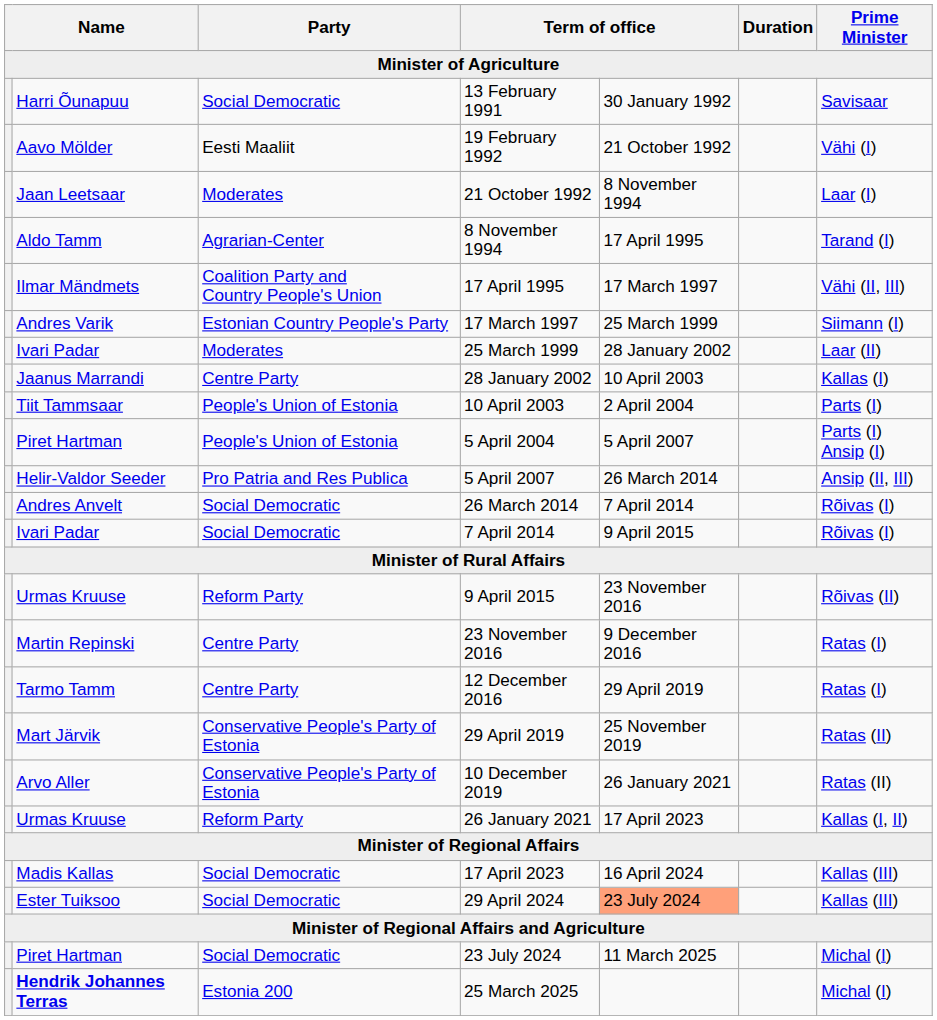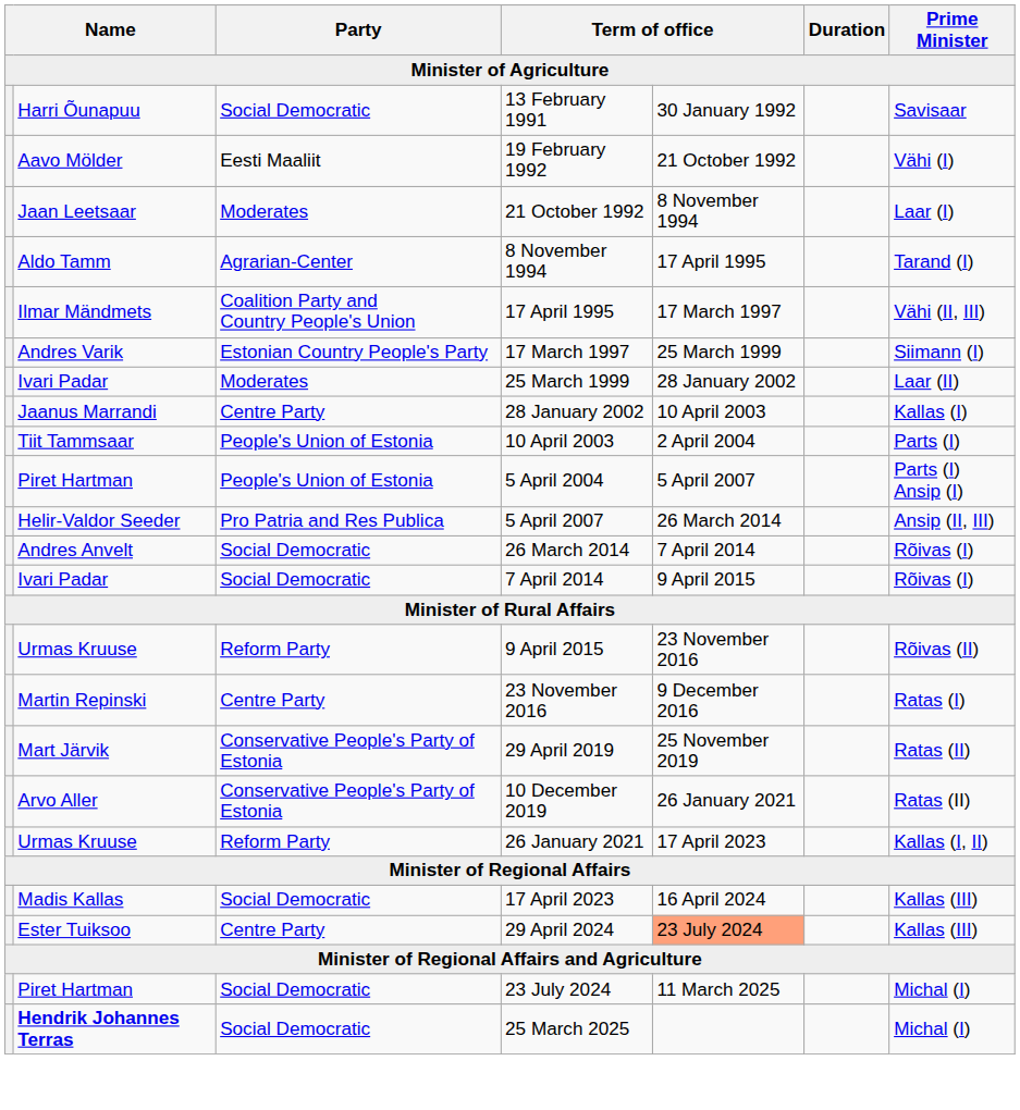 <table class="wikitable">
 <tr>
 <th colspan=2>Name</th>
 <th>Party</th>
 <th colspan=2>Term of office</th>
 <th>Duration</th>
 <th><a href='#'>Prime Minister</a></th>
 </tr>
 <tr>
 <th colspan="7" style="background:#EEEEEE">Minister of Agriculture</th>
 </tr>
 <tr>
 <th></th>
 <td><a href='#'>Harri Õunapuu</a></td>
 <td><a href='#'>Social Democratic</a></td>
 <td>13 February 1991</td>
 <td>30 January 1992</td>
 <td></td>
 <td><a href='#'>Savisaar</a></td>
 </tr>
 <tr>
 <th></th>
 <td><a href='#'>Aavo Mölder</a></td>
 <td>Eesti Maaliit</td>
 <td>19 February 1992</td>
 <td>21 October 1992</td>
 <td></td>
 <td><a href='#'>Vähi</a> (<a href='#'>I</a>)</td>
 </tr>
 <tr>
 <th></th>
 <td><a href='#'>Jaan Leetsaar</a></td>
 <td><a href='#'>Moderates</a></td>
 <td>21 October 1992</td>
 <td>8 November 1994</td>
 <td></td>
 <td><a href='#'>Laar</a> (<a href='#'>I</a>)</td>
 </tr>
 <tr>
 <th></th>
 <td><a href='#'>Aldo Tamm</a></td>
 <td><a href='#'>Agrarian-Center</a></td>
 <td>8 November 1994</td>
 <td>17 April 1995</td>
 <td></td>
 <td><a href='#'>Tarand</a> (<a href='#'>I</a>)</td>
 </tr>
 <tr>
 <th></th>
 <td><a href='#'>Ilmar Mändmets</a></td>
 <td><a href='#'>Coalition Party and<br>Country People's Union</a></td>
 <td>17 April 1995</td>
 <td>17 March 1997</td>
 <td></td>
 <td><a href='#'>Vähi</a> (<a href='#'>II</a>, <a href='#'>III</a>)</td>
 </tr>
 <tr>
 <th></th>
 <td><a href='#'>Andres Varik</a></td>
 <td><a href='#'>Estonian Country People's Party</a></td>
 <td>17 March 1997</td>
 <td>25 March 1999</td>
 <td></td>
 <td><a href='#'>Siimann</a> (<a href='#'>I</a>)</td>
 </tr>
 <tr>
 <th></th>
 <td><a href='#'>Ivari Padar</a></td>
 <td><a href='#'>Moderates</a></td>
 <td>25 March 1999</td>
 <td>28 January 2002</td>
 <td></td>
 <td><a href='#'>Laar</a> (<a href='#'>II</a>)</td>
 </tr>
 <tr>
 <th style="background:"></th>
 <td><a href='#'>Jaanus Marrandi</a></td>
 <td><a href='#'>Centre Party</a></td>
 <td>28 January 2002</td>
 <td>10 April 2003</td>
 <td></td>
 <td><a href='#'>Kallas</a> (<a href='#'>I</a>)</td>
 </tr>
 <tr>
 <th style="background:"></th>
 <td><a href='#'>Tiit Tammsaar</a></td>
 <td><a href='#'>People's Union of Estonia</a></td>
 <td>10 April 2003</td>
 <td>2 April 2004</td>
 <td></td>
 <td><a href='#'>Parts</a> (<a href='#'>I</a>)</td>
 </tr>
 <tr>
 <th style="background:"></th>
 <td><a href='#'>Piret Hartman</a></td>
 <td><a href='#'>People's Union of Estonia</a></td>
 <td>5 April 2004</td>
 <td>5 April 2007</td>
 <td></td>
 <td><a href='#'>Parts</a> (<a href='#'>I</a>)<br><a href='#'>Ansip</a> (<a href='#'>I</a>)</td>
 </tr>
 <tr>
 <th style="background:"></th>
 <td><a href='#'>Helir-Valdor Seeder</a></td>
 <td><a href='#'>Pro Patria and Res Publica</a></td>
 <td>5 April 2007</td>
 <td>26 March 2014</td>
 <td></td>
 <td><a href='#'>Ansip</a> (<a href='#'>II</a>, <a href='#'>III</a>)</td>
 </tr>
 <tr>
 <th style="background:"></th>
 <td><a href='#'>Andres Anvelt</a></td>
 <td><a href='#'>Social Democratic</a></td>
 <td>26 March 2014</td>
 <td>7 April 2014</td>
 <td></td>
 <td><a href='#'>Rõivas</a> (<a href='#'>I</a>)</td>
 </tr>
 <tr>
 <th style="background:"></th>
 <td><a href='#'>Ivari Padar</a></td>
 <td><a href='#'>Social Democratic</a></td>
 <td>7 April 2014</td>
 <td>9 April 2015</td>
 <td></td>
 <td><a href='#'>Rõivas</a> (<a href='#'>I</a>)</td>
 </tr>
 <tr>
 <th colspan="7" style="background:#EEEEEE">Minister of Rural Affairs</th>
 </tr>
 <tr>
 <th style="background:"></th>
 <td><a href='#'>Urmas Kruuse</a></td>
 <td><a href='#'>Reform Party</a></td>
 <td>9 April 2015</td>
 <td>23 November 2016</td>
 <td></td>
 <td><a href='#'>Rõivas</a> (<a href='#'>II</a>)</td>
 </tr>
 <tr>
 <th style="background:"></th>
 <td><a href='#'>Martin Repinski</a></td>
 <td><a href='#'>Centre Party</a></td>
 <td>23 November 2016</td>
 <td>9 December 2016</td>
 <td></td>
 <td><a href='#'>Ratas</a> (<a href='#'>I</a>)</td>
 </tr>
 <tr>
 <th style="background:"></th>
-<td><a href='#'>Tarmo Tamm</a></td>
-<td><a href='#'>Centre Party</a></td>
-<td>12 December 2016</td>
-<td>29 April 2019</td>
-<td></td>
-<td><a href='#'>Ratas</a> (<a href='#'>I</a>)</td>
-</tr>
-<tr>
-<th style="background:"></th>
 <td><a href='#'>Mart Järvik</a></td>
 <td><a href='#'>Conservative People's Party of Estonia</a></td>
 <td>29 April 2019</td>
 <td>25 November 2019</td>
 <td></td>
 <td><a href='#'>Ratas</a> (<a href='#'>II</a>)</td>
 </tr>
 <tr>
 <th style="background:"></th>
 <td><a href='#'>Arvo Aller</a></td>
 <td><a href='#'>Conservative People's Party of Estonia</a></td>
 <td>10 December 2019</td>
 <td>26 January 2021</td>
 <td></td>
 <td><a href='#'>Ratas</a> (II)</td>
 </tr>
 <tr>
 <th style="background:"></th>
 <td><a href='#'>Urmas Kruuse</a></td>
 <td><a href='#'>Reform Party</a></td>
 <td>26 January 2021</td>
 <td>17 April 2023</td>
 <td></td>
 <td><a href='#'>Kallas</a> (<a href='#'>I</a>, <a href='#'>II</a>)</td>
 </tr>
 <tr>
 <th colspan="7" style="background:#EEEEEE">Minister of Regional Affairs</th>
 </tr>
 <tr>
 <th style="background:"></th>
 <td><a href='#'>Madis Kallas</a></td>
 <td><a href='#'>Social Democratic</a></td>
 <td>17 April 2023</td>
 <td>16 April 2024</td>
 <td></td>
 <td><a href='#'>Kallas</a> (<a href='#'>III</a>)</td>
 </tr>
 <tr>
 <th style="background:"></th>
 <td><a href='#'>Ester Tuiksoo</a></td>
-<td><a href='#'>Social Democratic</a></td>
+<td><a href='#'>Centre Party</a></td>
 <td>29 April 2024</td>
 <td style="background: lightsalmon;">23 July 2024</td>
 <td></td>
 <td><a href='#'>Kallas</a> (<a href='#'>III</a>)</td>
 </tr>
 <tr>
 <th colspan="7" style="background:#EEEEEE">Minister of Regional Affairs and Agriculture</th>
 </tr>
 <tr>
 <th style="background:"></th>
 <td><a href='#'>Piret Hartman</a></td>
 <td><a href='#'>Social Democratic</a></td>
 <td>23 July 2024</td>
 <td>11 March 2025</td>
 <td></td>
 <td><a href='#'>Michal</a> (<a href='#'>I</a>)</td>
 </tr>
 <tr>
 <th style="background:"></th>
 <td><strong><a href='#'>Hendrik Johannes Terras</a></strong></td>
-<td><a href='#'>Estonia 200</a></td>
+<td><a href='#'>Social Democratic</a></td>
 <td>25 March 2025</td>
 <td></td>
 <td></td>
 <td><a href='#'>Michal</a> (<a href='#'>I</a>)</td>
 </tr>
 </table>
